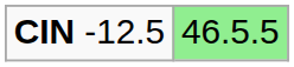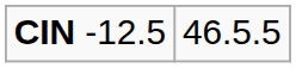 <table class="wikitable" style="margin-right: auto; margin-right: auto; border: none;">
 <tr align="center">
 </tr>
 <tr align="center">
 <td><strong>CIN</strong> -12.5</td>
-<td style="background: lightgreen;">46.5.5</td>
+<td>46.5.5</td>
 </tr>
 </table>
